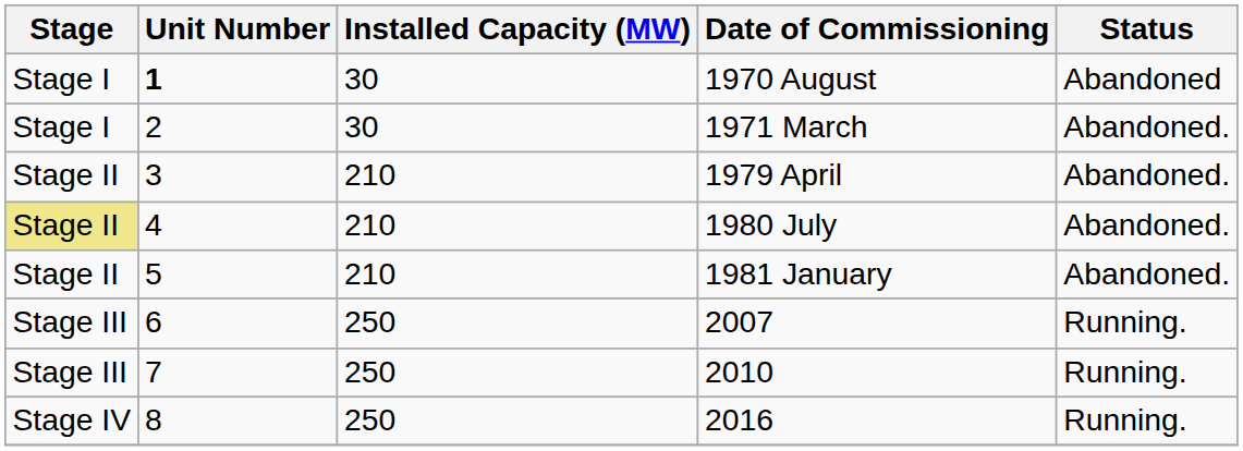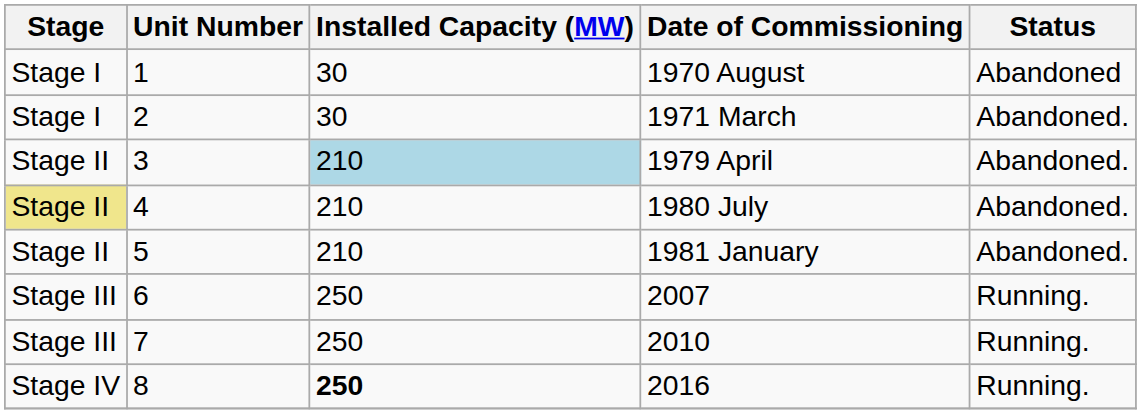 <table class="sortable wikitable">
 <tr>
 <th>Stage</th>
 <th>Unit Number</th>
 <th>Installed Capacity (<a href='#'>MW</a>)</th>
 <th>Date of Commissioning</th>
 <th>Status</th>
 </tr>
 <tr>
 <td>Stage I</td>
-<td><strong>1</strong></td>
+<td>1</td>
 <td>30</td>
 <td>1970 August</td>
 <td>Abandoned</td>
 </tr>
 <tr>
 <td>Stage I</td>
 <td>2</td>
 <td>30</td>
 <td>1971 March</td>
 <td>Abandoned.</td>
 </tr>
 <tr>
 <td>Stage II</td>
 <td>3</td>
-<td>210</td>
+<td style="background: lightblue;">210</td>
 <td>1979 April</td>
 <td>Abandoned.</td>
 </tr>
 <tr>
 <td style="background: khaki;">Stage II</td>
 <td>4</td>
 <td>210</td>
 <td>1980 July</td>
 <td>Abandoned.</td>
 </tr>
 <tr>
 <td>Stage II</td>
 <td>5</td>
 <td>210</td>
 <td>1981 January</td>
 <td>Abandoned.</td>
 </tr>
 <tr>
 <td>Stage III</td>
 <td>6</td>
 <td>250</td>
 <td>2007</td>
 <td>Running.</td>
 </tr>
 <tr>
 <td>Stage III</td>
 <td>7</td>
 <td>250</td>
 <td>2010</td>
 <td>Running.</td>
 </tr>
 <tr>
 <td>Stage IV</td>
 <td>8</td>
-<td>250</td>
+<td><strong>250</strong></td>
 <td>2016</td>
 <td>Running.</td>
 </tr>
 <tr>
 </tr>
 </table>
